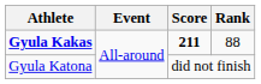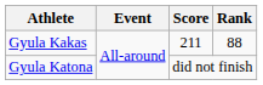 <table class=wikitable style="font-size:90%; text-align:center">
 <tr>
 <th>Athlete</th>
 <th>Event</th>
 <th>Score</th>
 <th>Rank</th>
 </tr>
 <tr>
-<td style="text-align:left"><strong><a href='#'>Gyula Kakas</a></strong></td>
+<td style="text-align:left"><a href='#'>Gyula Kakas</a></td>
 <td rowspan=2 style="text-align:left"><a href='#'>All-around</a></td>
-<td><strong>211</strong></td>
+<td>211</td>
 <td>88</td>
 </tr>
 <tr>
 <td style="text-align:left"><a href='#'>Gyula Katona</a></td>
 <td colspan=2>did not finish</td>
 </tr>
 </table>
